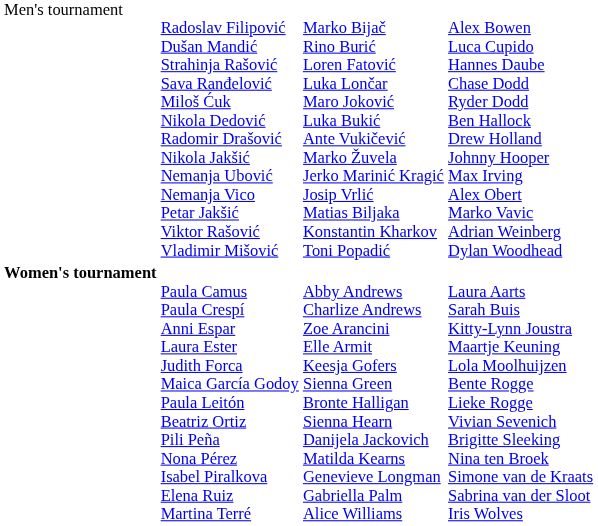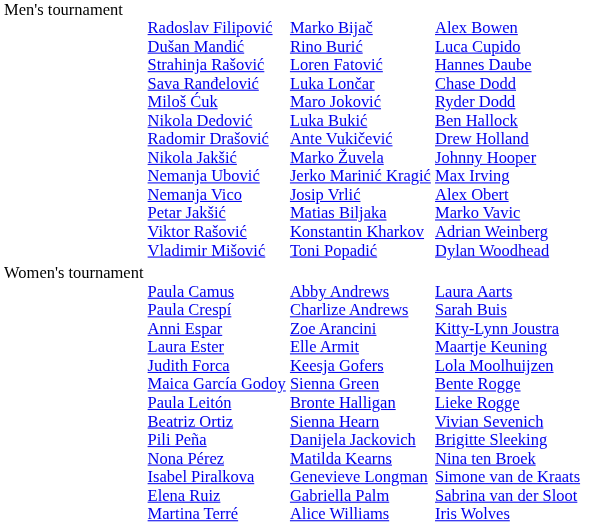 <table>
 <tr valign="top">
 <td>Men's tournament<br></td>
 <td><br><a href='#'>Radoslav Filipović</a><br><a href='#'>Dušan Mandić</a><br><a href='#'>Strahinja Rašović</a><br><a href='#'>Sava Ranđelović</a><br><a href='#'>Miloš Ćuk</a><br><a href='#'>Nikola Dedović</a><br><a href='#'>Radomir Drašović</a><br><a href='#'>Nikola Jakšić</a><br><a href='#'>Nemanja Ubović</a><br><a href='#'>Nemanja Vico</a><br><a href='#'>Petar Jakšić</a><br><a href='#'>Viktor Rašović</a><br><a href='#'>Vladimir Mišović</a></td>
 <td><br><a href='#'>Marko Bijač</a><br><a href='#'>Rino Burić</a><br><a href='#'>Loren Fatović</a><br><a href='#'>Luka Lončar</a><br><a href='#'>Maro Joković</a><br><a href='#'>Luka Bukić</a><br><a href='#'>Ante Vukičević</a><br><a href='#'>Marko Žuvela</a><br><a href='#'>Jerko Marinić Kragić</a> <br><a href='#'>Josip Vrlić</a><br><a href='#'>Matias Biljaka</a><br><a href='#'>Konstantin Kharkov</a><br><a href='#'>Toni Popadić</a></td>
 <td><br><a href='#'>Alex Bowen</a><br><a href='#'>Luca Cupido</a><br><a href='#'>Hannes Daube</a><br><a href='#'>Chase Dodd</a><br><a href='#'>Ryder Dodd</a><br><a href='#'>Ben Hallock</a><br><a href='#'>Drew Holland</a><br><a href='#'>Johnny Hooper</a><br><a href='#'>Max Irving</a><br><a href='#'>Alex Obert</a><br><a href='#'>Marko Vavic</a><br><a href='#'>Adrian Weinberg</a><br><a href='#'>Dylan Woodhead</a></td>
 </tr>
 <tr valign="top">
-<td><strong>Women's tournament<br></strong></td>
+<td>Women's tournament<br></td>
 <td><br><a href='#'>Paula Camus</a><br><a href='#'>Paula Crespí</a><br><a href='#'>Anni Espar</a><br><a href='#'>Laura Ester</a><br><a href='#'>Judith Forca</a><br><a href='#'>Maica García Godoy</a><br><a href='#'>Paula Leitón</a><br><a href='#'>Beatriz Ortiz</a><br><a href='#'>Pili Peña</a><br><a href='#'>Nona Pérez</a><br><a href='#'>Isabel Piralkova</a><br><a href='#'>Elena Ruiz</a><br><a href='#'>Martina Terré</a></td>
 <td><br><a href='#'>Abby Andrews</a><br><a href='#'>Charlize Andrews</a><br><a href='#'>Zoe Arancini</a><br><a href='#'>Elle Armit</a><br><a href='#'>Keesja Gofers</a><br><a href='#'>Sienna Green</a><br><a href='#'>Bronte Halligan</a><br><a href='#'>Sienna Hearn</a><br><a href='#'>Danijela Jackovich</a><br><a href='#'>Matilda Kearns</a><br><a href='#'>Genevieve Longman</a><br><a href='#'>Gabriella Palm</a><br><a href='#'>Alice Williams</a></td>
 <td><br><a href='#'>Laura Aarts</a><br><a href='#'>Sarah Buis</a><br><a href='#'>Kitty-Lynn Joustra</a><br><a href='#'>Maartje Keuning</a><br><a href='#'>Lola Moolhuijzen</a><br><a href='#'>Bente Rogge</a><br><a href='#'>Lieke Rogge</a><br><a href='#'>Vivian Sevenich</a><br><a href='#'>Brigitte Sleeking</a><br><a href='#'>Nina ten Broek</a><br><a href='#'>Simone van de Kraats</a><br><a href='#'>Sabrina van der Sloot</a><br><a href='#'>Iris Wolves</a></td>
 </tr>
 </table>
